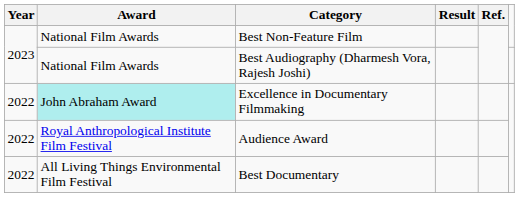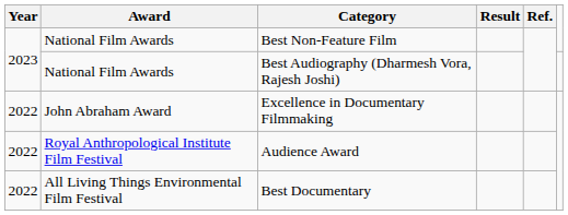 <table class="wikitable">
 <tr>
 <th>Year</th>
 <th>Award</th>
 <th>Category</th>
 <th>Result</th>
 <th>Ref.</th>
 </tr>
 <tr>
 <td rowspan="2">2023</td>
 <td>National Film Awards</td>
 <td>Best Non-Feature Film</td>
 <td></td>
 <td rowspan="2"></td>
 </tr>
 <tr>
 <td>National Film Awards</td>
 <td>Best Audiography (Dharmesh Vora, Rajesh Joshi)</td>
 <td></td>
 <td></td>
 </tr>
 <tr>
 <td>2022</td>
-<td style="background: paleturquoise;">John Abraham Award</td>
+<td>John Abraham Award</td>
 <td>Excellence in Documentary Filmmaking</td>
 <td></td>
 <td></td>
 </tr>
 <tr>
 <td>2022</td>
 <td><a href='#'>Royal Anthropological Institute Film Festival</a></td>
 <td>Audience Award</td>
 <td></td>
 <td></td>
 </tr>
 <tr>
 <td>2022</td>
 <td>All Living Things Environmental Film Festival</td>
 <td>Best Documentary</td>
 <td></td>
 <td></td>
 </tr>
 </table>
